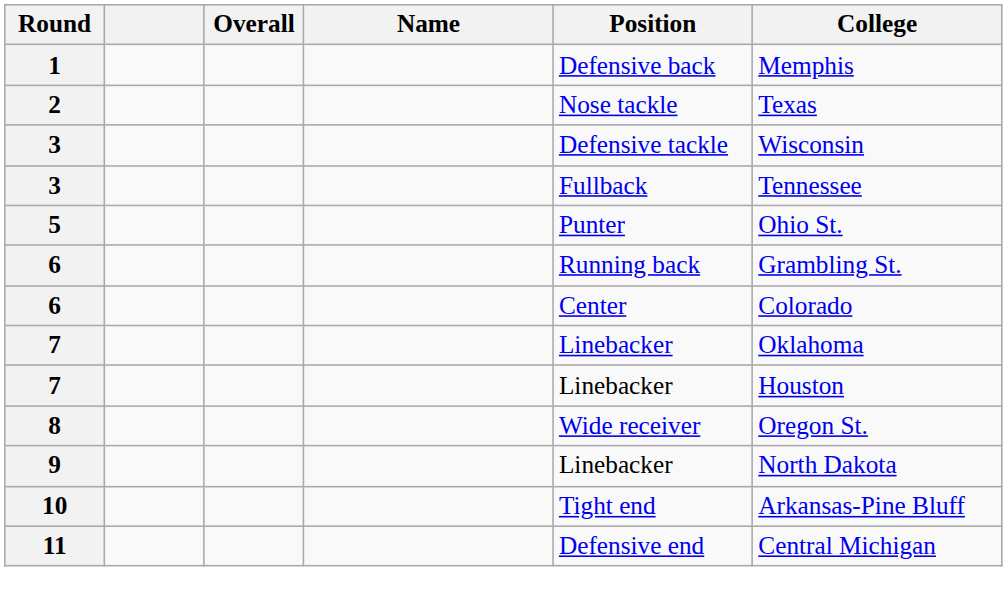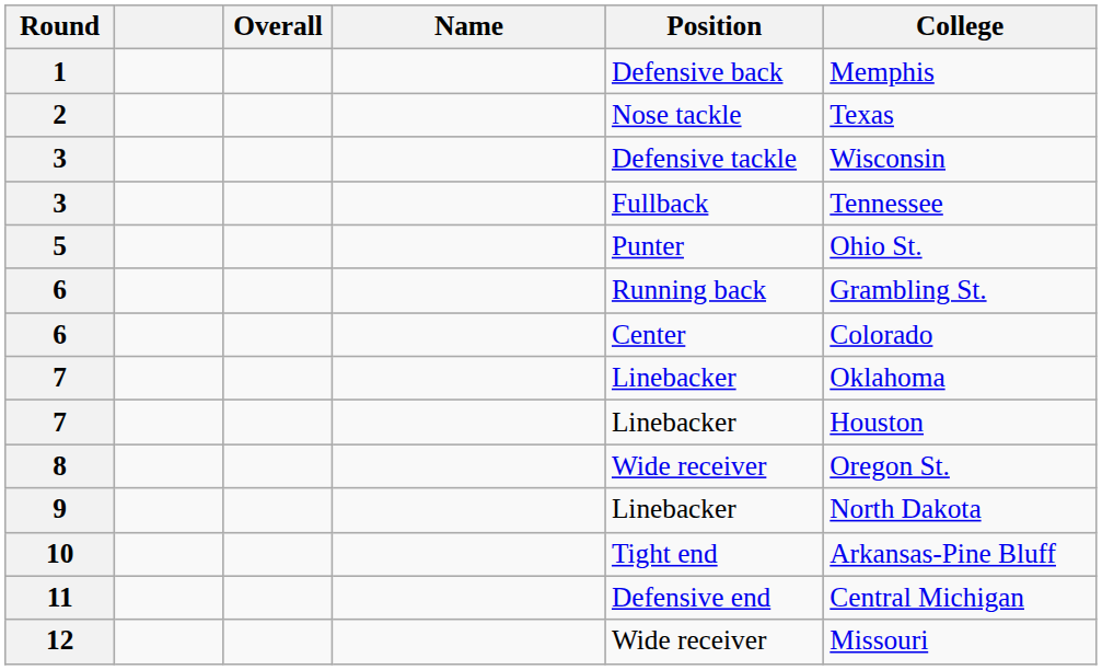 <table class="wikitable sortable" style="width: 50%;">
 <tr>
 <th scope="col" style="width: 10%;">Round</th>
 <th scope="col" style="width: 10%;"></th>
 <th scope="col" style="width: 10%;">Overall</th>
 <th scope="col" style="width: 25%;">Name</th>
 <th scope="col" style="width: 20%;">Position</th>
 <th scope="col" style="width: 25%;">College</th>
 </tr>
 <tr>
 <th scope="row">1</th>
 <td></td>
 <td></td>
 <td></td>
 <td><a href='#'>Defensive back</a></td>
 <td><a href='#'>Memphis</a></td>
 </tr>
 <tr>
 <th scope="row">2</th>
 <td></td>
 <td></td>
 <td></td>
 <td><a href='#'>Nose tackle</a></td>
 <td><a href='#'>Texas</a></td>
 </tr>
 <tr>
 <th scope="row">3</th>
 <td></td>
 <td></td>
 <td></td>
 <td><a href='#'>Defensive tackle</a></td>
 <td><a href='#'>Wisconsin</a></td>
 </tr>
 <tr>
 <th scope="row">3</th>
 <td></td>
 <td></td>
 <td></td>
 <td><a href='#'>Fullback</a></td>
 <td><a href='#'>Tennessee</a></td>
 </tr>
 <tr>
 <th scope="row">5</th>
 <td></td>
 <td></td>
 <td></td>
 <td><a href='#'>Punter</a></td>
 <td><a href='#'>Ohio St.</a></td>
 </tr>
 <tr>
 <th scope="row">6</th>
 <td></td>
 <td></td>
 <td></td>
 <td><a href='#'>Running back</a></td>
 <td><a href='#'>Grambling St.</a></td>
 </tr>
 <tr>
 <th scope="row">6</th>
 <td></td>
 <td></td>
 <td></td>
 <td><a href='#'>Center</a></td>
 <td><a href='#'>Colorado</a></td>
 </tr>
 <tr>
 <th scope="row">7</th>
 <td></td>
 <td></td>
 <td></td>
 <td><a href='#'>Linebacker</a></td>
 <td><a href='#'>Oklahoma</a></td>
 </tr>
 <tr>
 <th scope="row">7</th>
 <td></td>
 <td></td>
 <td></td>
 <td>Linebacker</td>
 <td><a href='#'>Houston</a></td>
 </tr>
 <tr>
 <th scope="row">8</th>
 <td></td>
 <td></td>
 <td></td>
 <td><a href='#'>Wide receiver</a></td>
 <td><a href='#'>Oregon St.</a></td>
 </tr>
 <tr>
 <th scope="row">9</th>
 <td></td>
 <td></td>
 <td></td>
 <td>Linebacker</td>
 <td><a href='#'>North Dakota</a></td>
 </tr>
 <tr>
 <th scope="row">10</th>
 <td></td>
 <td></td>
 <td></td>
 <td><a href='#'>Tight end</a></td>
 <td><a href='#'>Arkansas-Pine Bluff</a></td>
 </tr>
 <tr>
 <th scope="row">11</th>
 <td></td>
 <td></td>
 <td></td>
 <td><a href='#'>Defensive end</a></td>
 <td><a href='#'>Central Michigan</a></td>
 </tr>
+<tr>
+<th scope="row">12</th>
+<td></td>
+<td></td>
+<td></td>
+<td>Wide receiver</td>
+<td><a href='#'>Missouri</a></td>
+</tr>
 </table>
